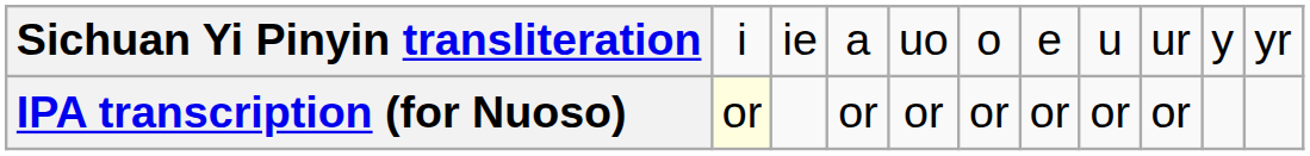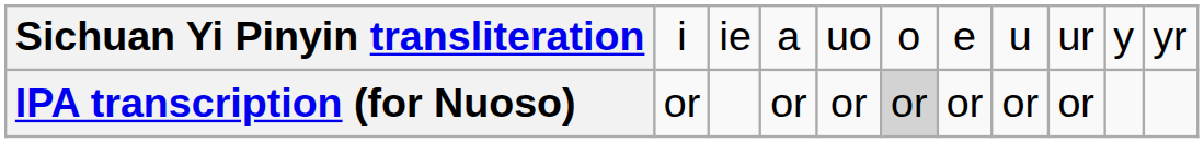 <table class="wikitable" style="text-align:center">
 <tr>
 <th scope="row" style="text-align:left">Sichuan Yi Pinyin <a href='#'>transliteration</a></th>
 <td>i</td>
 <td>ie</td>
 <td>a</td>
 <td>uo</td>
 <td>o</td>
 <td>e</td>
 <td>u</td>
 <td>ur</td>
 <td>y</td>
 <td>yr</td>
 </tr>
 <tr>
 <th scope="row" style="text-align:left"><a href='#'>IPA transcription</a> (for Nuoso)</th>
-<td style="background: lightyellow;"> or </td>
+<td> or </td>
 <td></td>
 <td> or </td>
 <td> or </td>
-<td> or </td>
+<td style="background: lightgrey;"> or </td>
 <td> or </td>
 <td> or </td>
 <td> or </td>
 <td></td>
 <td></td>
 </tr>
 </table>
